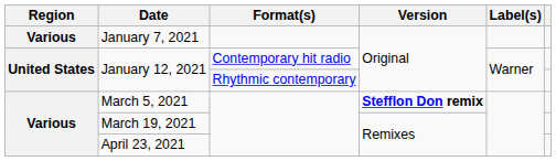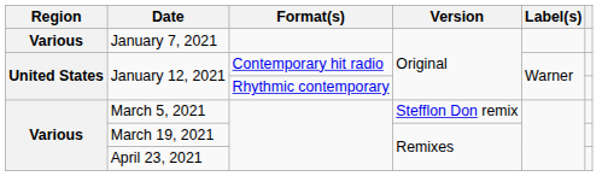 <table class="wikitable plainrowheaders">
 <tr>
 <th scope="col">Region</th>
 <th scope="col">Date</th>
 <th scope="col">Format(s)</th>
 <th scope="col">Version</th>
 <th scope="col">Label(s)</th>
 <th scope="col"></th>
 </tr>
 <tr>
 <th scope="row">Various</th>
 <td>January 7, 2021</td>
 <td></td>
 <td rowspan="3">Original</td>
 <td></td>
 <td style="text-align:center;"></td>
 </tr>
 <tr>
 <th rowspan="2" scope="row">United States</th>
 <td rowspan="2">January 12, 2021</td>
 <td><a href='#'>Contemporary hit radio</a></td>
 <td rowspan="2">Warner</td>
 <td style="text-align:center;"></td>
 </tr>
 <tr>
 <td><a href='#'>Rhythmic contemporary</a></td>
 <td style="text-align:center;"></td>
 </tr>
 <tr>
 <th rowspan="3" scope="row">Various</th>
 <td>March 5, 2021</td>
 <td rowspan="3"></td>
-<td><strong><a href='#'>Stefflon Don</a> remix</strong></td>
+<td><a href='#'>Stefflon Don</a> remix</td>
 <td rowspan="3"></td>
 <td style="text-align:center;"></td>
 </tr>
 <tr>
 <td>March 19, 2021</td>
 <td rowspan="2">Remixes</td>
 <td style="text-align:center;"></td>
 </tr>
 <tr>
 <td>April 23, 2021</td>
 <td style="text-align:center;"></td>
 </tr>
 </table>
